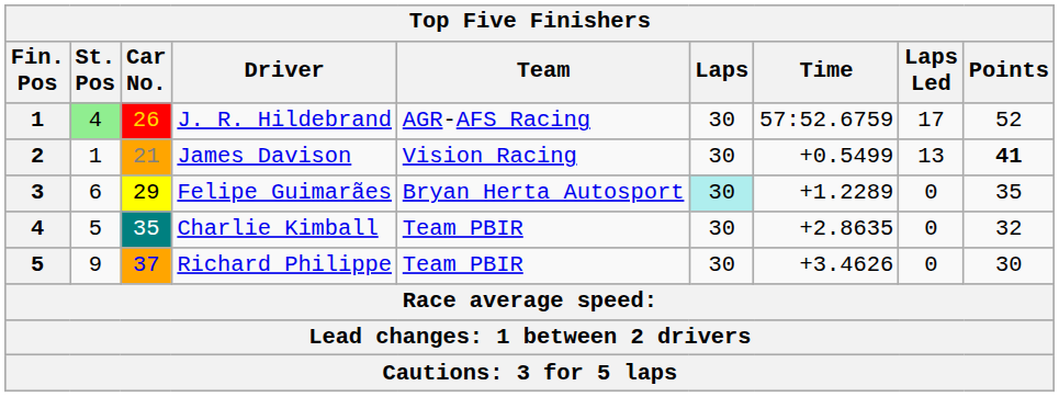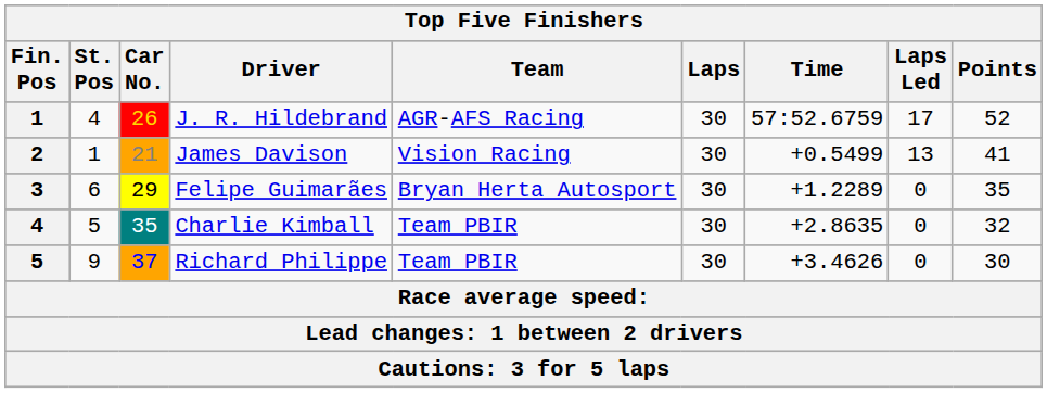 <table class="wikitable" style="font-size:95%;">
 <tr>
 <th colspan=9>Top Five Finishers</th>
 </tr>
 <tr>
 <th>Fin.<br>Pos</th>
 <th>St.<br>Pos</th>
 <th>Car<br>No.</th>
 <th>Driver</th>
 <th>Team</th>
 <th>Laps</th>
 <th>Time</th>
 <th>Laps<br>Led</th>
 <th>Points</th>
 </tr>
 <tr>
 <th>1</th>
-<td align=center style="background: lightgreen;">4</td>
+<td align=center>4</td>
 <td style="background:red; color:gold;" align=center>26</td>
 <td> <a href='#'>J. R. Hildebrand</a></td>
 <td><a href='#'>AGR</a>-<a href='#'>AFS Racing</a></td>
 <td align=center>30</td>
 <td align=right>57:52.6759</td>
 <td align=center>17</td>
 <td align=center>52</td>
 </tr>
 <tr>
 <th>2</th>
 <td align=center>1</td>
 <td style="background:orange; color:grey;" align=center>21</td>
 <td> <a href='#'>James Davison</a></td>
 <td><a href='#'>Vision Racing</a></td>
 <td align=center>30</td>
 <td align=right>+0.5499</td>
 <td align=center>13</td>
-<td align=center><strong>41</strong></td>
+<td align=center>41</td>
 </tr>
 <tr>
 <th>3</th>
 <td align=center>6</td>
 <td style="background:yellow; color:black;" align=center>29</td>
 <td> <a href='#'>Felipe Guimarães</a></td>
 <td><a href='#'>Bryan Herta Autosport</a></td>
-<td align=center style="background: paleturquoise;">30</td>
+<td align=center>30</td>
 <td align=right>+1.2289</td>
 <td align=center>0</td>
 <td align=center>35</td>
 </tr>
 <tr>
 <th>4</th>
 <td align=center>5</td>
 <td style="background:teal; color:white;" align=center>35</td>
 <td> <a href='#'>Charlie Kimball</a></td>
 <td><a href='#'>Team PBIR</a></td>
 <td align=center>30</td>
 <td align=right>+2.8635</td>
 <td align=center>0</td>
 <td align=center>32</td>
 </tr>
 <tr>
 <th>5</th>
 <td align=center>9</td>
 <td style="background:orange; color:blue;" align=center>37</td>
 <td> <a href='#'>Richard Philippe</a></td>
 <td><a href='#'>Team PBIR</a></td>
 <td align=center>30</td>
 <td align=right>+3.4626</td>
 <td align=center>0</td>
 <td align=center>30</td>
 </tr>
 <tr>
 <th colspan=9>Race average speed: </th>
 </tr>
 <tr>
 <th colspan=9>Lead changes: 1 between 2 drivers</th>
 </tr>
 <tr>
 <th colspan=9>Cautions: 3 for 5 laps</th>
 </tr>
 </table>
